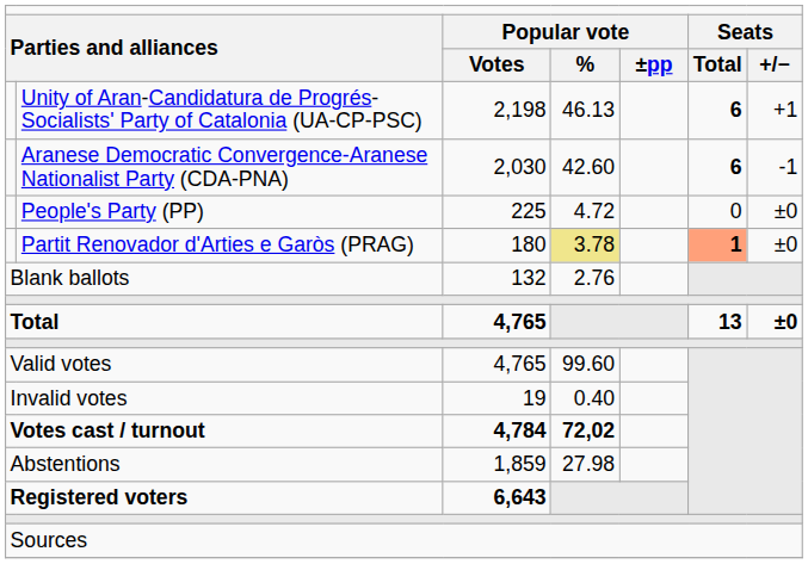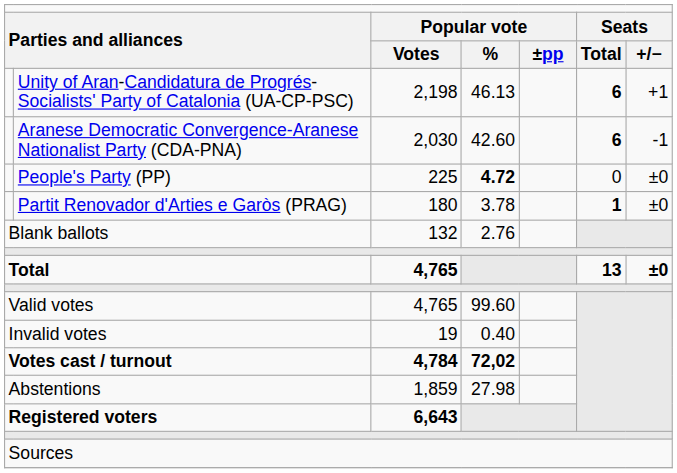 <table class="wikitable" style="text-align:right;">
 <tr>
 <td colspan="7" align="center"></td>
 </tr>
 <tr>
 <th colspan="2" rowspan="2" style="text-align:left;" width="525">Parties and alliances</th>
 <th colspan="3">Popular vote</th>
 <th colspan="2">Seats</th>
 </tr>
 <tr>
 <th width="75">Votes</th>
 <th width="45">%</th>
 <th width="45">±<a href='#'>pp</a></th>
 <th width="35">Total</th>
 <th width="35">+/−</th>
 </tr>
 <tr>
 <td width="1" style="color:inherit;background:"></td>
 <td align="left"><a href='#'>Unity of Aran</a>-<a href='#'>Candidatura de Progrés</a>-<a href='#'>Socialists' Party of Catalonia</a> (UA-CP-PSC)</td>
 <td>2,198</td>
 <td>46.13</td>
 <td style="color:green;"></td>
 <td><strong>6</strong></td>
 <td>+1</td>
 </tr>
 <tr>
 <td style="color:inherit;background:"></td>
 <td align="left"><a href='#'>Aranese Democratic Convergence-Aranese Nationalist Party</a> (CDA-PNA)</td>
 <td>2,030</td>
 <td>42.60</td>
 <td style="color:red;"></td>
 <td><strong>6</strong></td>
 <td>-1</td>
 </tr>
 <tr>
 <td style="color:inherit;background:"></td>
 <td align="left"><a href='#'>People's Party</a> (PP)</td>
 <td>225</td>
-<td>4.72</td>
+<td><strong>4.72</strong></td>
 <td style="color:red;"></td>
 <td>0</td>
 <td>±0</td>
 </tr>
 <tr>
 <td style="color:inherit;background:"></td>
 <td align="left"><a href='#'>Partit Renovador d'Arties e Garòs</a> (PRAG)</td>
 <td>180</td>
-<td style="background: khaki;">3.78</td>
+<td>3.78</td>
 <td style="color:green;"></td>
-<td style="background: lightsalmon;"><strong>1</strong></td>
+<td><strong>1</strong></td>
 <td>±0</td>
 </tr>
 <tr>
 <td colspan="2" align="left">Blank ballots</td>
 <td>132</td>
 <td>2.76</td>
 <td style="color:red;"></td>
 <td colspan="2" bgcolor="#E9E9E9"></td>
 </tr>
 <tr>
 <td colspan="7" bgcolor="#E9E9E9"></td>
 </tr>
 <tr style="font-weight:bold;">
 <td colspan="2" align="left">Total</td>
 <td>4,765</td>
 <td colspan="2" bgcolor="#E9E9E9"></td>
 <td>13</td>
 <td>±0</td>
 </tr>
 <tr>
 <td colspan="7" bgcolor="#E9E9E9"></td>
 </tr>
 <tr>
 <td colspan="2" align="left">Valid votes</td>
 <td>4,765</td>
 <td>99.60</td>
 <td style="color:green;"></td>
 <td colspan="2" rowspan="5" bgcolor="#E9E9E9"></td>
 </tr>
 <tr>
 <td colspan="2" align="left">Invalid votes</td>
 <td>19</td>
 <td>0.40</td>
 <td style="color:red;"></td>
 </tr>
 <tr style="font-weight:bold;">
 <td colspan="2" align="left">Votes cast / turnout</td>
 <td>4,784</td>
 <td>72,02</td>
 <td style="color:red;"></td>
 </tr>
 <tr>
 <td colspan="2" align="left">Abstentions</td>
 <td>1,859</td>
 <td>27.98</td>
 <td style="color:green;"></td>
 </tr>
 <tr style="font-weight:bold;">
 <td colspan="2" align="left">Registered voters</td>
 <td>6,643</td>
 <td colspan="2" bgcolor="#E9E9E9"></td>
 </tr>
 <tr>
 <td colspan="7" bgcolor="#E9E9E9"></td>
 </tr>
 <tr>
 <td colspan="7" align="left">Sources</td>
 </tr>
 <tr>
 </tr>
 </table>
